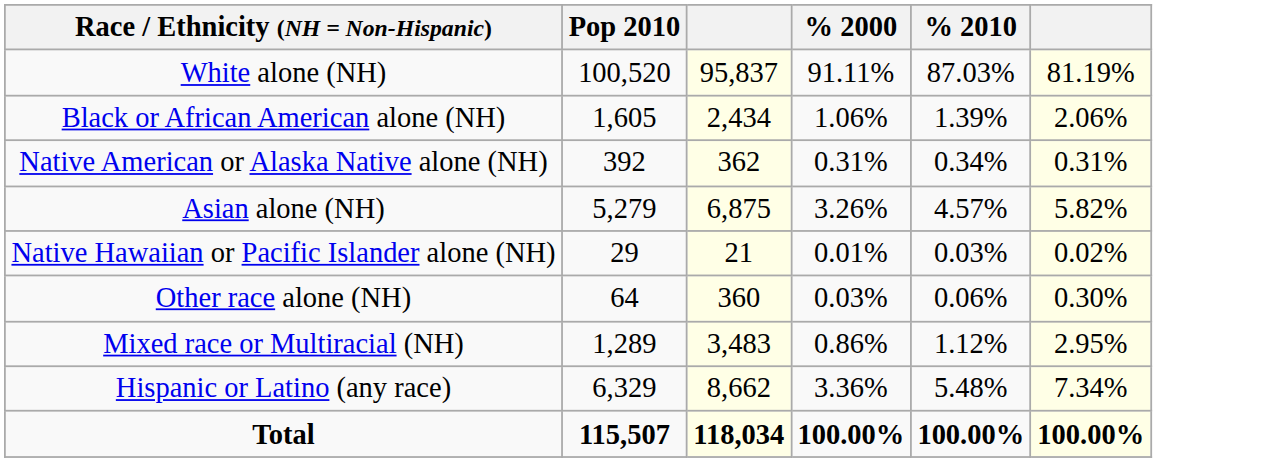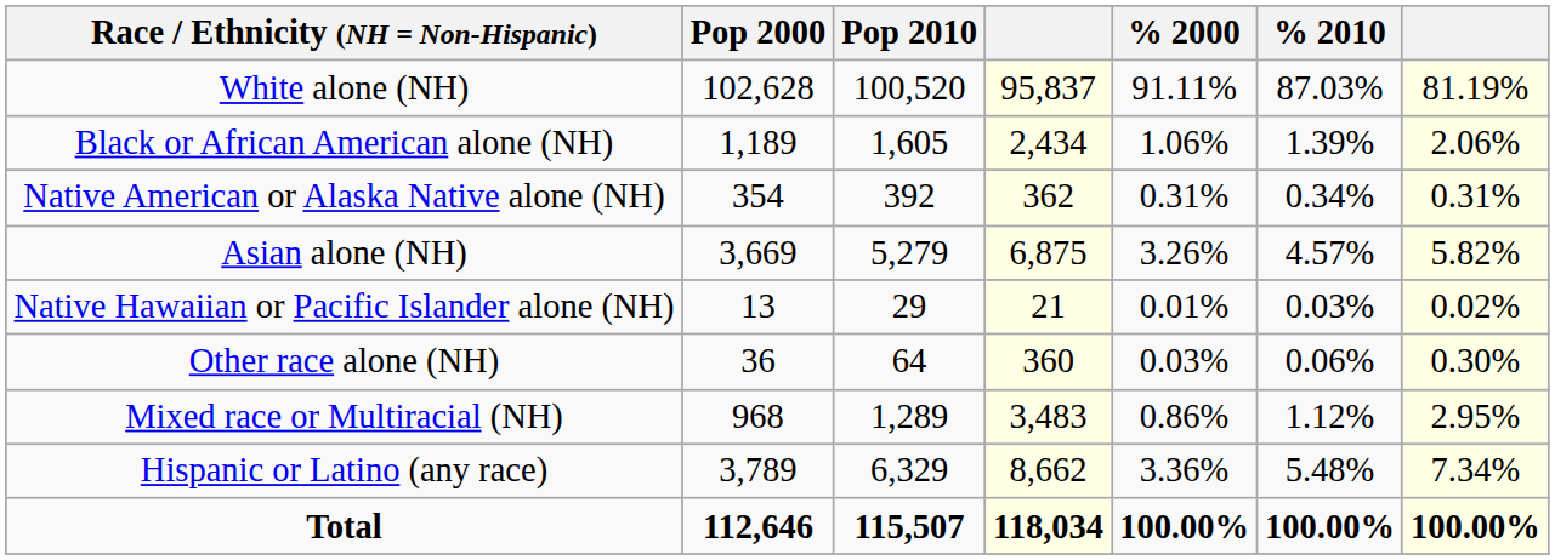 <table class="wikitable" style="text-align:center;">
 <tr>
 <th>Race / Ethnicity <small>(<em>NH = Non-Hispanic</em>)</small></th>
+<th>Pop 2000</th>
 <th>Pop 2010</th>
 <th></th>
 <th>% 2000</th>
 <th>% 2010</th>
 <th></th>
 </tr>
 <tr>
 <td><a href='#'>White</a> alone (NH)</td>
+<td>102,628</td>
 <td>100,520</td>
 <td style='background: #ffffe6;'>95,837</td>
 <td>91.11%</td>
 <td>87.03%</td>
 <td style='background: #ffffe6;'>81.19%</td>
 </tr>
 <tr>
 <td><a href='#'>Black or African American</a> alone (NH)</td>
+<td>1,189</td>
 <td>1,605</td>
 <td style='background: #ffffe6;'>2,434</td>
 <td>1.06%</td>
 <td>1.39%</td>
 <td style='background: #ffffe6;'>2.06%</td>
 </tr>
 <tr>
 <td><a href='#'>Native American</a> or <a href='#'>Alaska Native</a> alone (NH)</td>
+<td>354</td>
 <td>392</td>
 <td style='background: #ffffe6;'>362</td>
 <td>0.31%</td>
 <td>0.34%</td>
 <td style='background: #ffffe6;'>0.31%</td>
 </tr>
 <tr>
 <td><a href='#'>Asian</a> alone (NH)</td>
+<td>3,669</td>
 <td>5,279</td>
 <td style='background: #ffffe6;'>6,875</td>
 <td>3.26%</td>
 <td>4.57%</td>
 <td style='background: #ffffe6;'>5.82%</td>
 </tr>
 <tr>
 <td><a href='#'>Native Hawaiian</a> or <a href='#'>Pacific Islander</a> alone (NH)</td>
+<td>13</td>
 <td>29</td>
 <td style='background: #ffffe6;'>21</td>
 <td>0.01%</td>
 <td>0.03%</td>
 <td style='background: #ffffe6;'>0.02%</td>
 </tr>
 <tr>
 <td><a href='#'>Other race</a> alone (NH)</td>
+<td>36</td>
 <td>64</td>
 <td style='background: #ffffe6;'>360</td>
 <td>0.03%</td>
 <td>0.06%</td>
 <td style='background: #ffffe6;'>0.30%</td>
 </tr>
 <tr>
 <td><a href='#'>Mixed race or Multiracial</a> (NH)</td>
+<td>968</td>
 <td>1,289</td>
 <td style='background: #ffffe6;'>3,483</td>
 <td>0.86%</td>
 <td>1.12%</td>
 <td style='background: #ffffe6;'>2.95%</td>
 </tr>
 <tr>
 <td><a href='#'>Hispanic or Latino</a> (any race)</td>
+<td>3,789</td>
 <td>6,329</td>
 <td style='background: #ffffe6;'>8,662</td>
 <td>3.36%</td>
 <td>5.48%</td>
 <td style='background: #ffffe6;'>7.34%</td>
 </tr>
 <tr>
 <td><strong>Total</strong></td>
+<td><strong>112,646</strong></td>
 <td><strong>115,507</strong></td>
 <td style='background: #ffffe6;'><strong>118,034</strong></td>
 <td><strong>100.00%</strong></td>
 <td><strong>100.00%</strong></td>
 <td style='background: #ffffe6;'><strong>100.00%</strong></td>
 </tr>
 </table>
